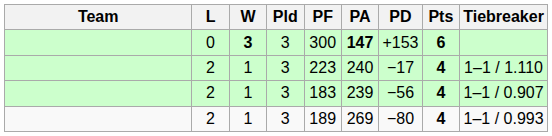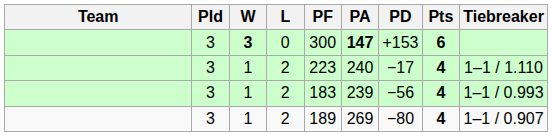 <table class=wikitable style="text-align:center">
 <tr>
 <th width=180>Team</th>
+<th width=30>Pld</th>
+<th width=30>W</th>
 <th width=30>L</th>
-<th width=30>W</th>
-<th width=30>Pld</th>
 <th width=30>PF</th>
 <th width=30>PA</th>
 <th width=30>PD</th>
 <th width=30>Pts</th>
 <th width=80>Tiebreaker</th>
 </tr>
 <tr align=center bgcolor="#ccffcc">
 <td align=left></td>
+<td>3</td>
+<td><strong>3</strong></td>
 <td>0</td>
-<td><strong>3</strong></td>
-<td>3</td>
 <td>300</td>
 <td><strong>147</strong></td>
 <td>+153</td>
 <td><strong>6</strong></td>
 <td></td>
 </tr>
 <tr align=center bgcolor="#ccffcc">
 <td align=left></td>
+<td>3</td>
+<td>1</td>
 <td>2</td>
-<td>1</td>
-<td>3</td>
 <td>223</td>
 <td>240</td>
 <td>−17</td>
 <td><strong>4</strong></td>
 <td>1–1 / 1.110</td>
 </tr>
 <tr align=center bgcolor="#ccffcc">
 <td align=left></td>
+<td>3</td>
+<td>1</td>
 <td>2</td>
-<td>1</td>
-<td>3</td>
 <td>183</td>
 <td>239</td>
 <td>−56</td>
 <td><strong>4</strong></td>
-<td>1–1 / 0.907</td>
+<td>1–1 / 0.993</td>
 </tr>
 <tr>
 <td align=left></td>
+<td>3</td>
+<td>1</td>
 <td>2</td>
-<td>1</td>
-<td>3</td>
 <td>189</td>
 <td>269</td>
 <td>−80</td>
 <td><strong>4</strong></td>
-<td>1–1 / 0.993</td>
+<td>1–1 / 0.907</td>
 </tr>
 </table>
